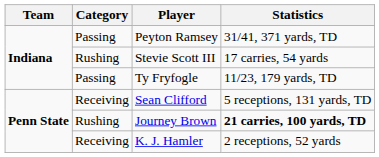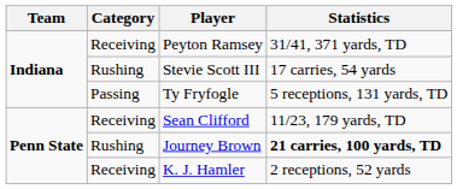 <table class="wikitable" style="float: right;">
 <tr>
 <th>Team</th>
 <th>Category</th>
 <th>Player</th>
 <th>Statistics</th>
 </tr>
 <tr>
 <td rowspan=3><strong>Indiana</strong></td>
-<td>Passing</td>
+<td>Receiving</td>
 <td>Peyton Ramsey</td>
 <td>31/41, 371 yards, TD</td>
 </tr>
 <tr>
 <td>Rushing</td>
 <td>Stevie Scott III</td>
 <td>17 carries, 54 yards</td>
 </tr>
 <tr>
 <td>Passing</td>
 <td>Ty Fryfogle</td>
-<td>11/23, 179 yards, TD</td>
+<td>5 receptions, 131 yards, TD</td>
 </tr>
 <tr>
 <td rowspan=3><strong>Penn State</strong></td>
 <td>Receiving</td>
 <td><a href='#'>Sean Clifford</a></td>
-<td>5 receptions, 131 yards, TD</td>
+<td>11/23, 179 yards, TD</td>
 </tr>
 <tr>
 <td>Rushing</td>
 <td><a href='#'>Journey Brown</a></td>
 <td><strong>21 carries, 100 yards, TD</strong></td>
 </tr>
 <tr>
 <td>Receiving</td>
 <td><a href='#'>K. J. Hamler</a></td>
 <td>2 receptions, 52 yards</td>
 </tr>
 </table>
